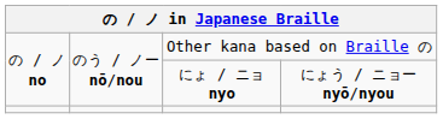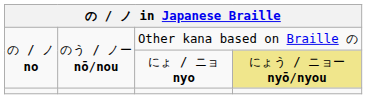 <table class="wikitable nowrap" style="text-align:center">
 <tr>
 <th colspan=4>の / ノ in <a href='#'>Japanese Braille</a></th>
 </tr>
 <tr>
 <td rowspan=2>の / ノ <br><strong>no</strong></td>
 <td rowspan=2>のう / ノー <br><strong>nō</strong>/<strong>nou</strong></td>
 <td colspan=2>Other kana based on <a href='#'>Braille</a> の</td>
 </tr>
 <tr>
 <td>にょ / ニョ <br><strong>nyo</strong></td>
-<td>にょう / ニョー <br><strong>nyō</strong>/<strong>nyou</strong></td>
+<td style="background: khaki;">にょう / ニョー <br><strong>nyō</strong>/<strong>nyou</strong></td>
 </tr>
 <tr>
 <td></td>
 <td></td>
 <td></td>
 <td></td>
 </tr>
 </table>
